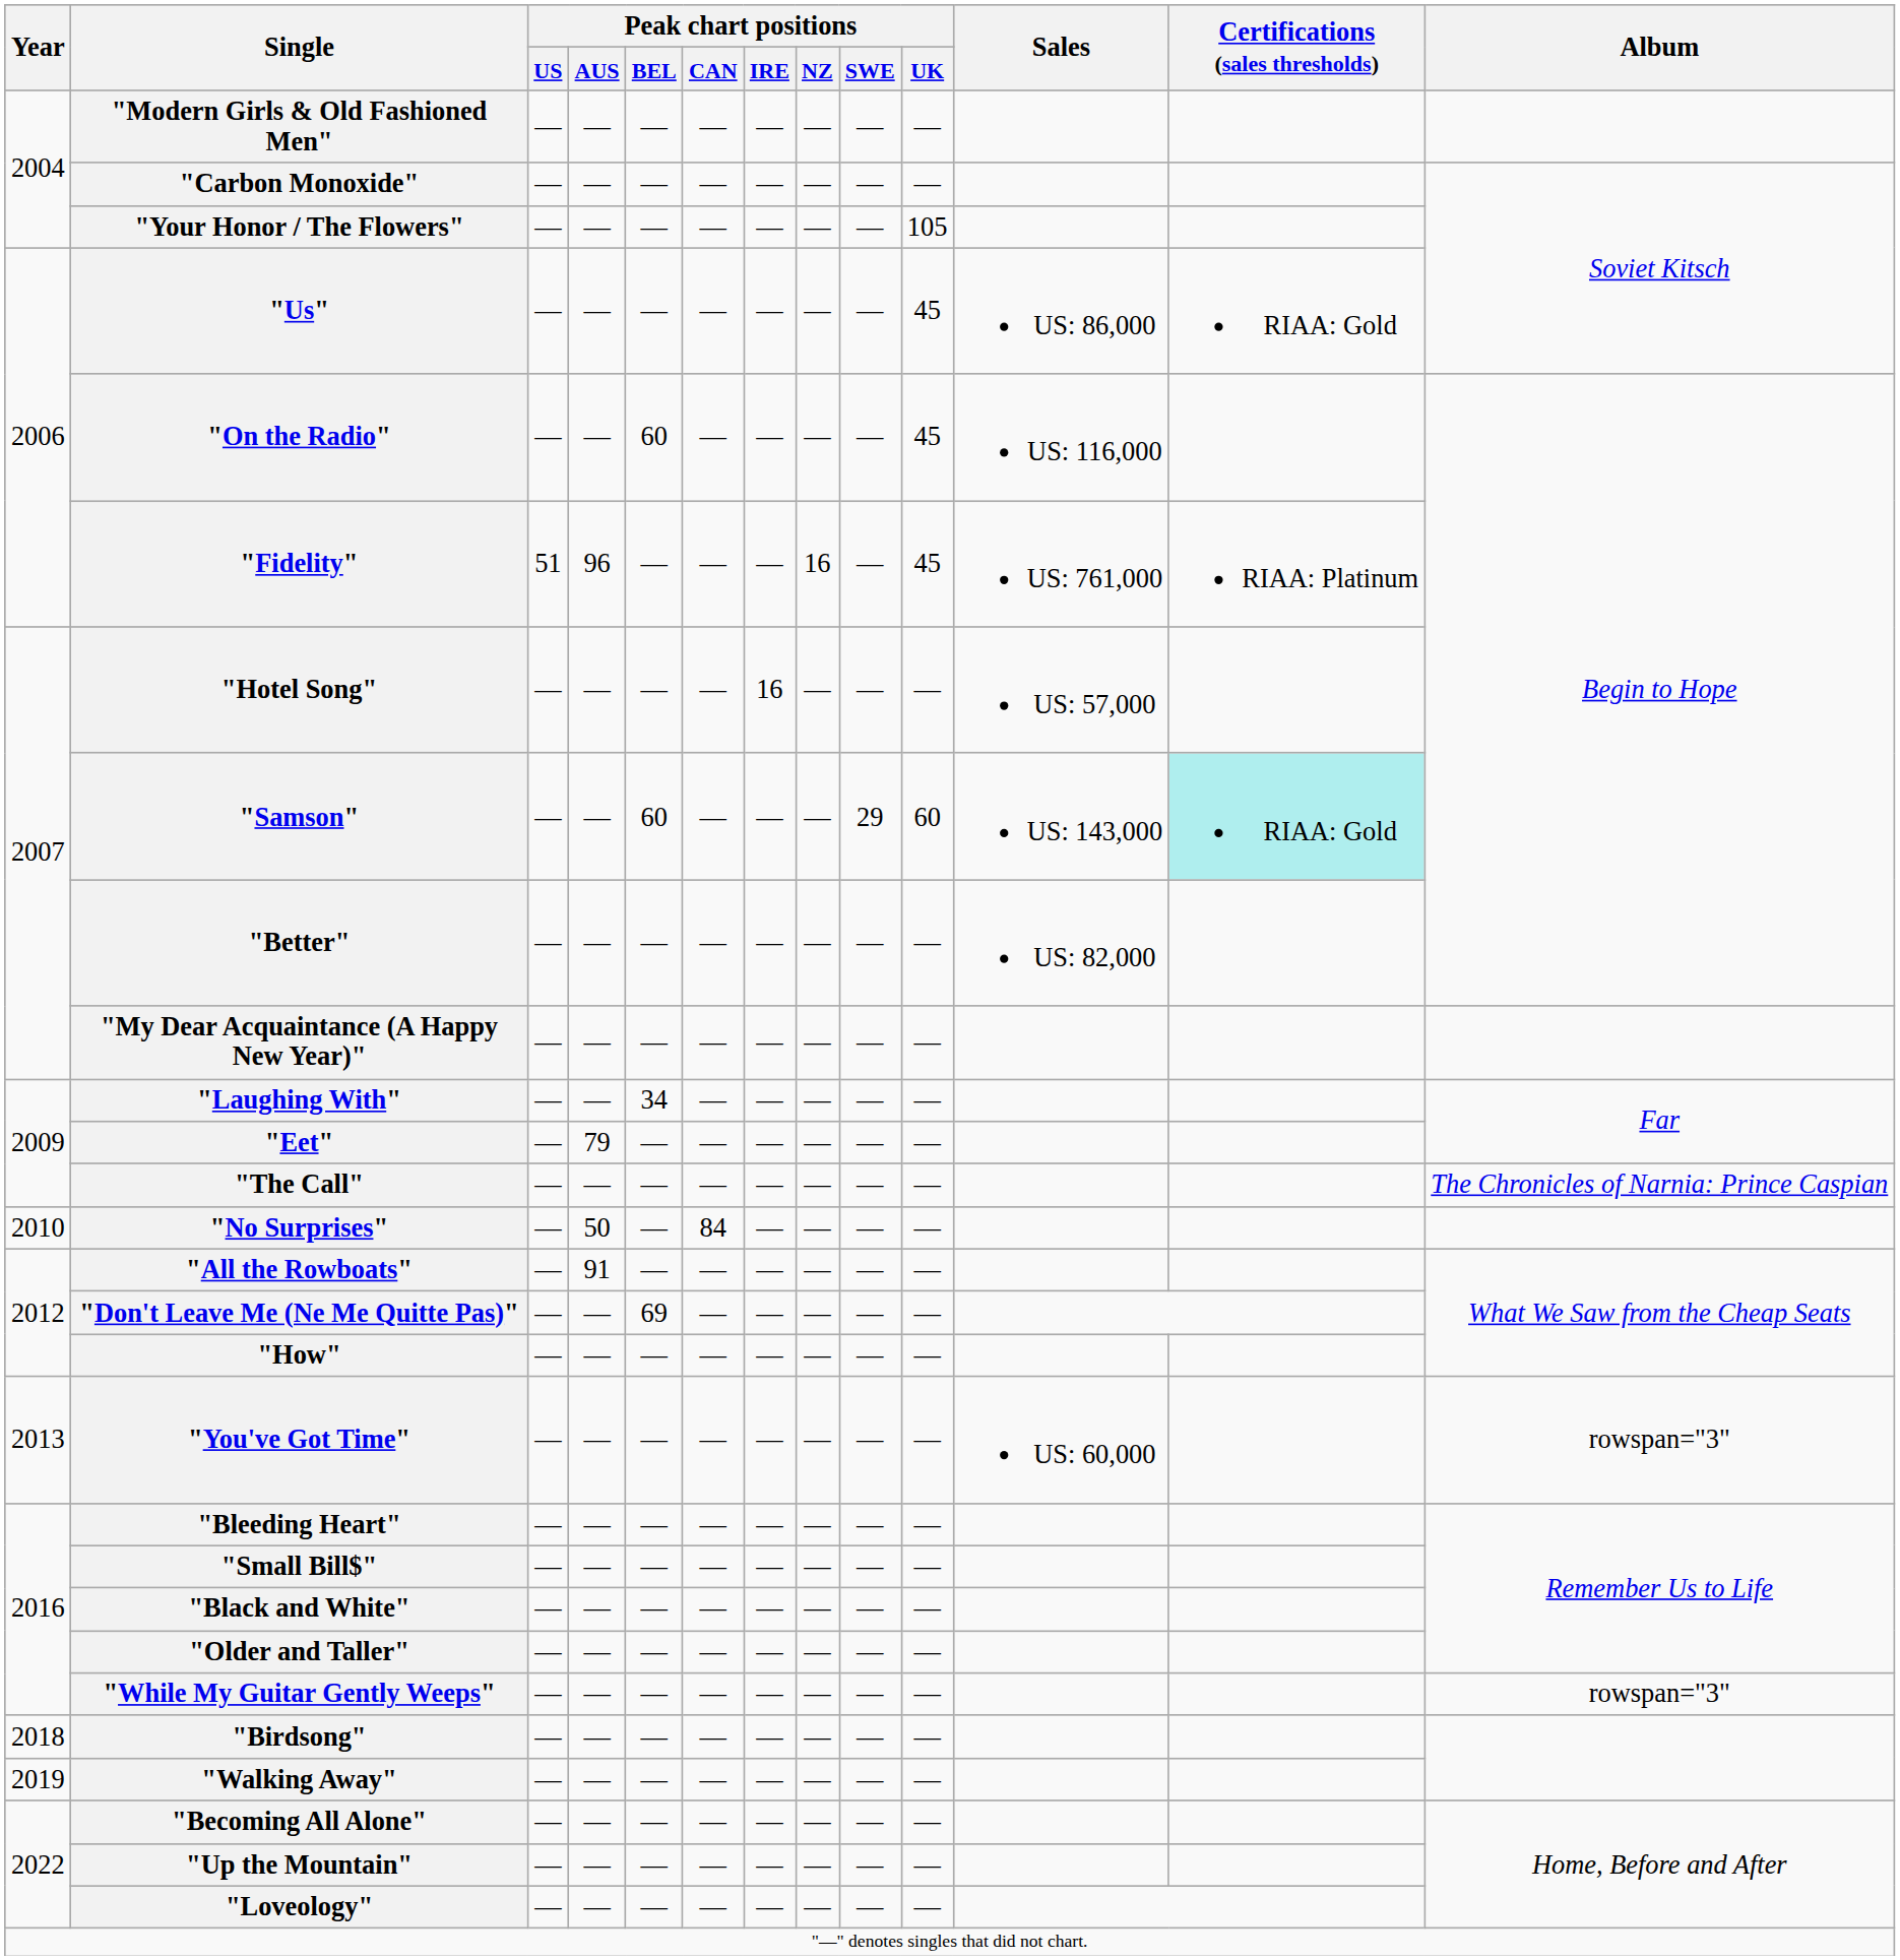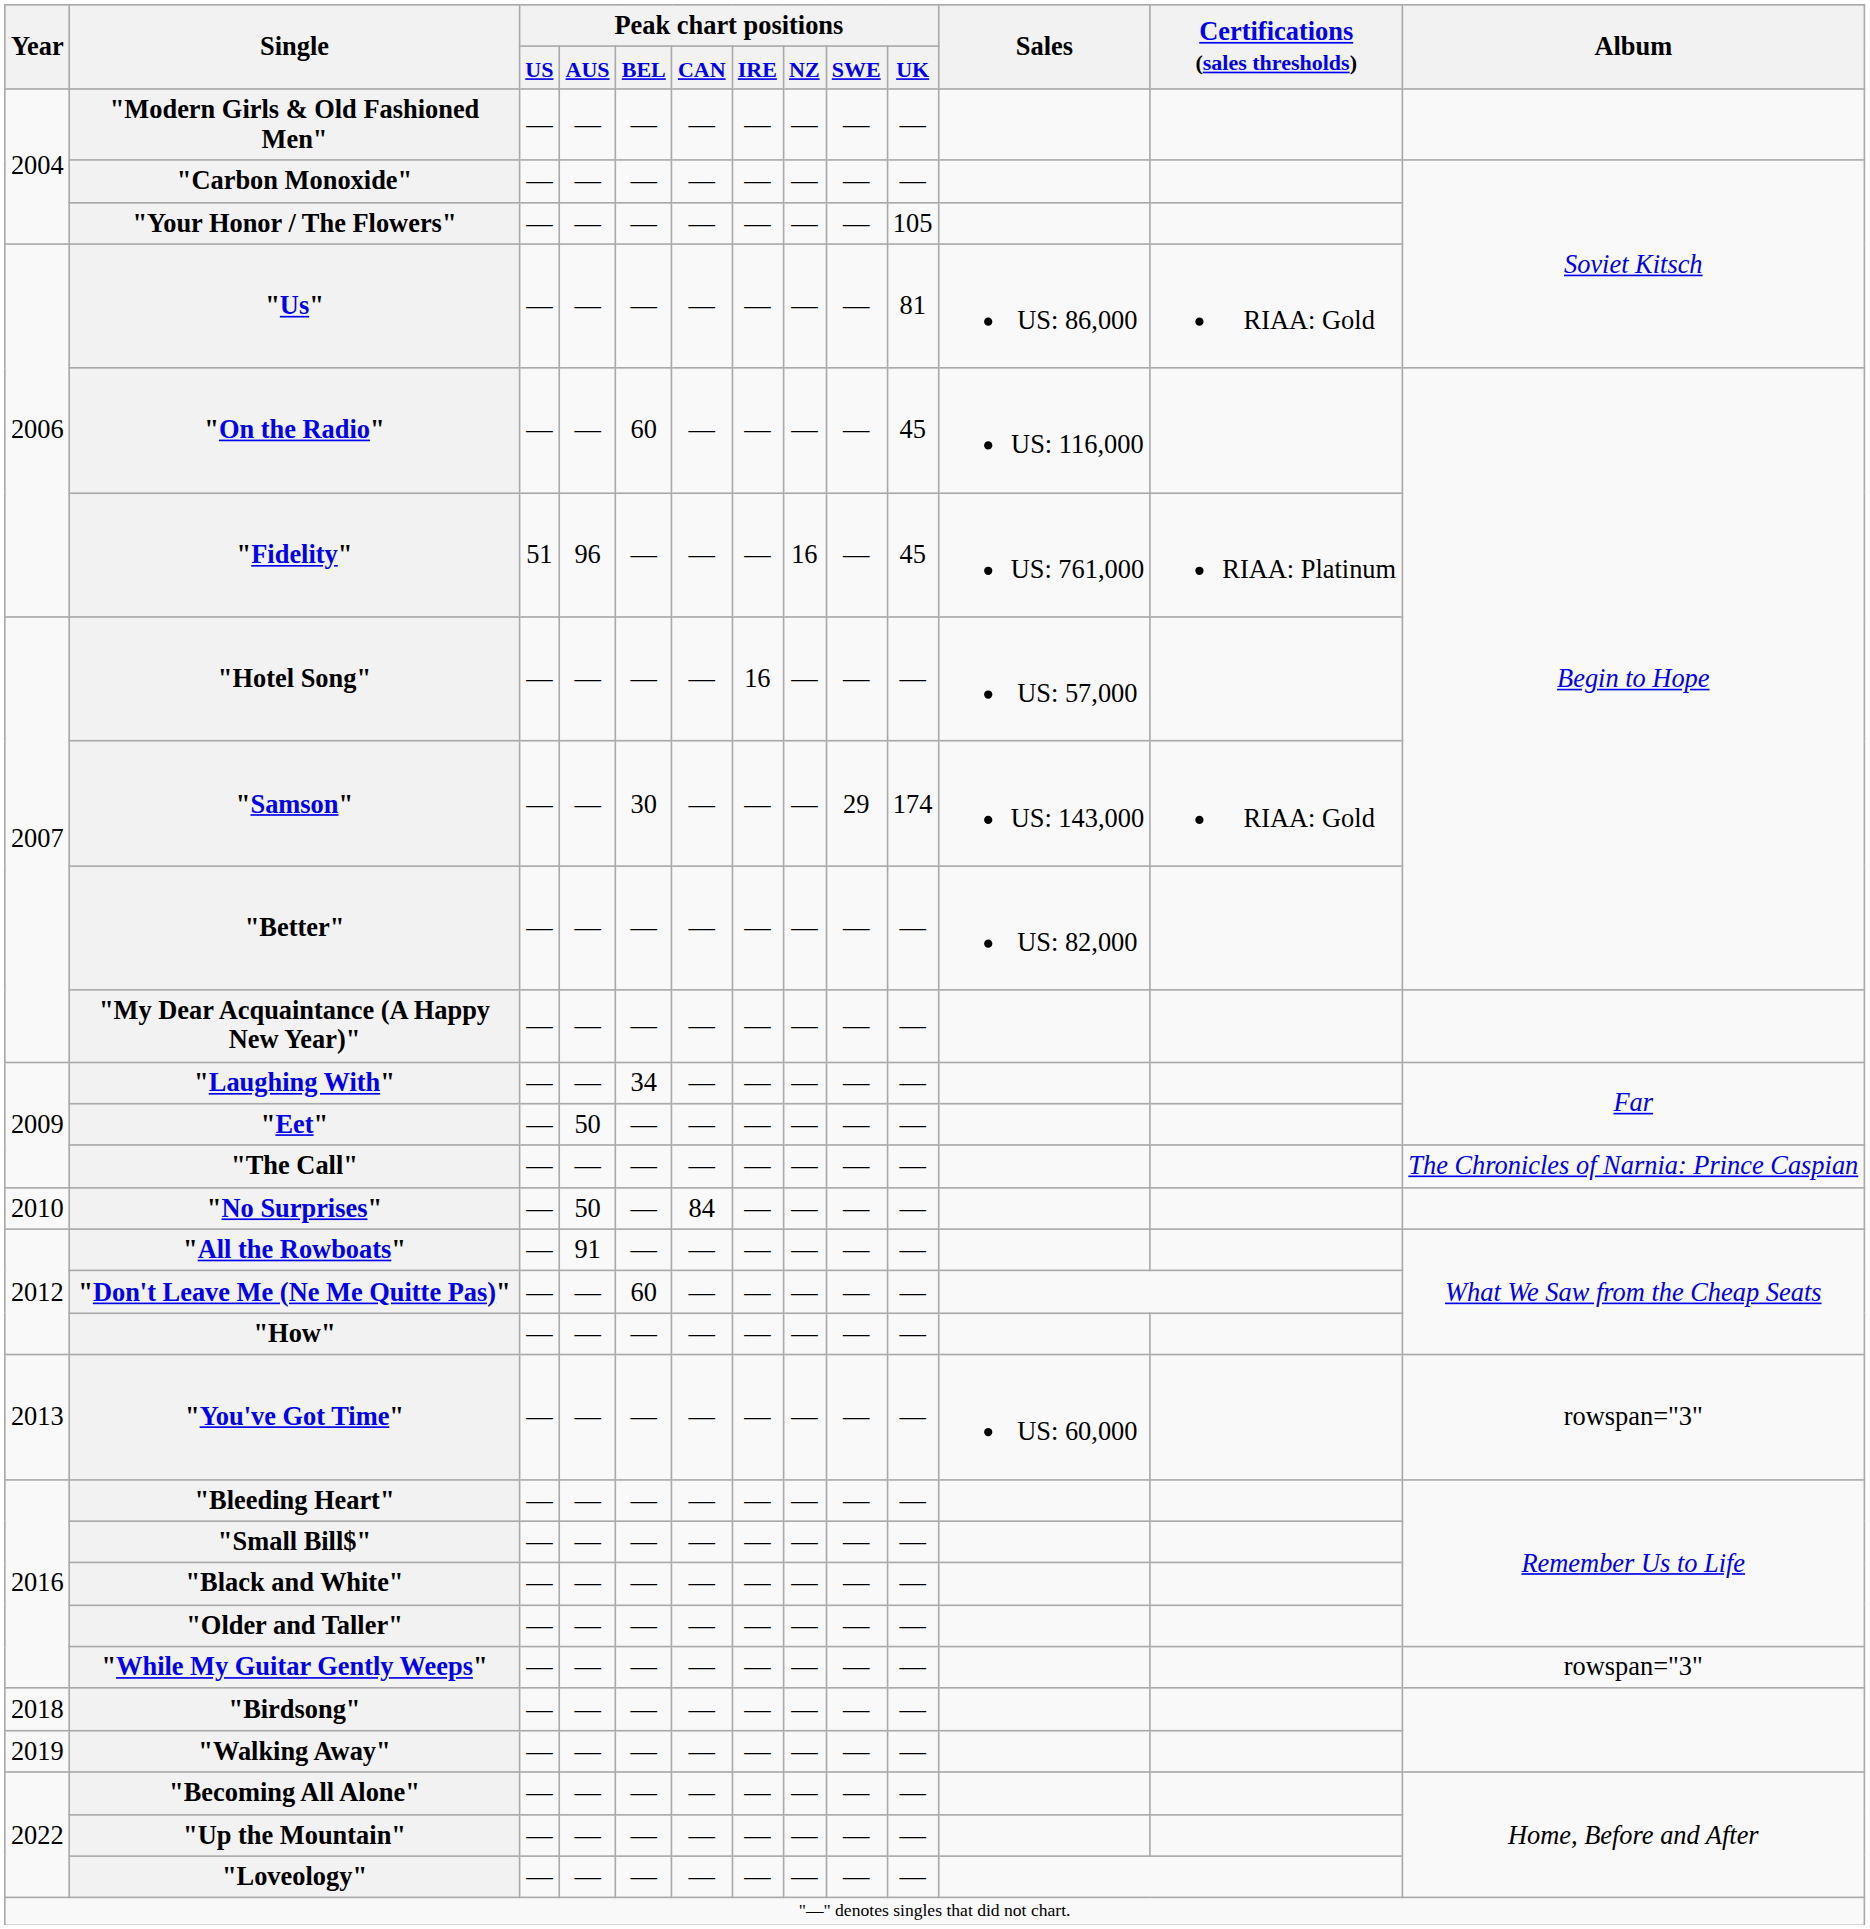 <table class="wikitable plainrowheaders" style="text-align:center">
 <tr>
 <th rowspan=2>Year</th>
 <th rowspan="2" style="width:265px;">Single</th>
 <th colspan=8>Peak chart positions</th>
 <th rowspan=2>Sales</th>
 <th rowspan="2"><a href='#'>Certifications</a><br><small>(<a href='#'>sales thresholds</a>)</small></th>
 <th rowspan="2">Album</th>
 </tr>
 <tr>
 <th style="width:1em"><small><a href='#'>US</a></small><br></th>
 <th style="width:1em"><small><a href='#'>AUS</a></small><br></th>
 <th style="width:1em"><small><a href='#'>BEL</a></small><br></th>
 <th style="width:1em"><small><a href='#'>CAN</a></small><br></th>
 <th style="width:1em"><small><a href='#'>IRE</a></small><br></th>
 <th style="width:1em"><small><a href='#'>NZ</a></small><br></th>
 <th style="width:1em"><small><a href='#'>SWE</a></small><br></th>
 <th style="width:1em"><small><a href='#'>UK</a></small><br></th>
 </tr>
 <tr>
 <td rowspan="3">2004</td>
 <th scope="row">"Modern Girls & Old Fashioned Men"<br></th>
 <td>—</td>
 <td>—</td>
 <td>—</td>
 <td>—</td>
 <td>—</td>
 <td>—</td>
 <td>—</td>
 <td>—</td>
 <td></td>
 <td></td>
 <td></td>
 </tr>
 <tr>
 <th scope="row">"Carbon Monoxide"</th>
 <td>—</td>
 <td>—</td>
 <td>—</td>
 <td>—</td>
 <td>—</td>
 <td>—</td>
 <td>—</td>
 <td>—</td>
 <td></td>
 <td></td>
 <td rowspan="3"><em><a href='#'>Soviet Kitsch</a></em></td>
 </tr>
 <tr>
 <th scope="row">"Your Honor / The Flowers"</th>
 <td>—</td>
 <td>—</td>
 <td>—</td>
 <td>—</td>
 <td>—</td>
 <td>—</td>
 <td>—</td>
 <td>105</td>
 <td></td>
 <td></td>
 </tr>
 <tr>
 <td rowspan="3">2006</td>
 <th scope="row">"<a href='#'>Us</a>"</th>
 <td>—</td>
 <td>—</td>
 <td>—</td>
 <td>—</td>
 <td>—</td>
 <td>—</td>
 <td>—</td>
-<td>45</td>
+<td>81</td>
 <td><br><ul><li>US: 86,000</li></ul></td>
 <td><br><ul><li>RIAA: Gold</li></ul></td>
 </tr>
 <tr>
 <th scope="row">"<a href='#'>On the Radio</a>"</th>
 <td>—</td>
 <td>—</td>
 <td>60</td>
 <td>—</td>
 <td>—</td>
 <td>—</td>
 <td>—</td>
 <td>45</td>
 <td><br><ul><li>US: 116,000</li></ul></td>
 <td></td>
 <td rowspan="5" style="text-align:center;"><em><a href='#'>Begin to Hope</a></em></td>
 </tr>
 <tr>
 <th scope="row">"<a href='#'>Fidelity</a>"</th>
 <td>51</td>
 <td>96</td>
 <td>—</td>
 <td>—</td>
 <td>—</td>
 <td>16</td>
 <td>—</td>
 <td>45</td>
 <td><br><ul><li>US: 761,000</li></ul></td>
 <td><br><ul><li>RIAA: Platinum</li></ul></td>
 </tr>
 <tr>
 <td rowspan="4">2007</td>
 <th scope="row">"Hotel Song"</th>
 <td>—</td>
 <td>—</td>
 <td>—</td>
 <td>—</td>
 <td>16</td>
 <td>—</td>
 <td>—</td>
 <td>—</td>
 <td><br><ul><li>US: 57,000</li></ul></td>
 <td></td>
 </tr>
 <tr>
 <th scope="row">"<a href='#'>Samson</a>"</th>
 <td>—</td>
 <td>—</td>
-<td>60</td>
+<td>30</td>
 <td>—</td>
 <td>—</td>
 <td>—</td>
 <td>29</td>
-<td>60</td>
+<td>174</td>
 <td><br><ul><li>US: 143,000</li></ul></td>
-<td style="background: paleturquoise;"><br><ul><li>RIAA: Gold</li></ul></td>
+<td><br><ul><li>RIAA: Gold</li></ul></td>
 </tr>
 <tr>
 <th scope="row">"Better"</th>
 <td>—</td>
 <td>—</td>
 <td>—</td>
 <td>—</td>
 <td>—</td>
 <td>—</td>
 <td>—</td>
 <td>—</td>
 <td><br><ul><li>US: 82,000</li></ul></td>
 <td></td>
 </tr>
 <tr>
 <th scope="row">"My Dear Acquaintance (A Happy New Year)"</th>
 <td>—</td>
 <td>—</td>
 <td>—</td>
 <td>—</td>
 <td>—</td>
 <td>—</td>
 <td>—</td>
 <td>—</td>
 <td></td>
 <td></td>
 <td></td>
 </tr>
 <tr>
 <td rowspan="3">2009</td>
 <th scope="row">"<a href='#'>Laughing With</a>"</th>
 <td>—</td>
 <td>—</td>
 <td>34</td>
 <td>—</td>
 <td>—</td>
 <td>—</td>
 <td>—</td>
 <td>—</td>
 <td></td>
 <td></td>
 <td rowspan="2"><em><a href='#'>Far</a></em></td>
 </tr>
 <tr>
 <th scope="row">"<a href='#'>Eet</a>"</th>
 <td>—</td>
-<td>79</td>
+<td>50</td>
 <td>—</td>
 <td>—</td>
 <td>—</td>
 <td>—</td>
 <td>—</td>
 <td>—</td>
 <td></td>
 <td></td>
 </tr>
 <tr>
 <th scope="row">"The Call"</th>
 <td>—</td>
 <td>—</td>
 <td>—</td>
 <td>—</td>
 <td>—</td>
 <td>—</td>
 <td>—</td>
 <td>—</td>
 <td></td>
 <td></td>
 <td><em><a href='#'>The Chronicles of Narnia: Prince Caspian</a></em></td>
 </tr>
 <tr>
 <td>2010</td>
 <th scope="row">"<a href='#'>No Surprises</a>"</th>
 <td>—</td>
 <td>50</td>
 <td>—</td>
 <td>84</td>
 <td>—</td>
 <td>—</td>
 <td>—</td>
 <td>—</td>
 <td></td>
 <td></td>
 <td></td>
 </tr>
 <tr>
 <td rowspan="3">2012</td>
 <th scope="row">"<a href='#'>All the Rowboats</a>"</th>
 <td>—</td>
 <td>91</td>
 <td>—</td>
 <td>—</td>
 <td>—</td>
 <td>—</td>
 <td>—</td>
 <td>—</td>
 <td></td>
 <td></td>
 <td rowspan="3"><em><a href='#'>What We Saw from the Cheap Seats</a></em></td>
 </tr>
 <tr>
 <th scope="row">"<a href='#'>Don't Leave Me (Ne Me Quitte Pas)</a>"</th>
 <td>—</td>
 <td>—</td>
-<td>69</td>
+<td>60</td>
 <td>—</td>
 <td>—</td>
 <td>—</td>
 <td>—</td>
 <td>—</td>
 </tr>
 <tr>
 <th scope="row">"How"</th>
 <td>—</td>
 <td>—</td>
 <td>—</td>
 <td>—</td>
 <td>—</td>
 <td>—</td>
 <td>—</td>
 <td>—</td>
 <td></td>
 <td></td>
 </tr>
 <tr>
 <td>2013</td>
 <th scope="row">"<a href='#'>You've Got Time</a>"</th>
 <td>—</td>
 <td>—</td>
 <td>—</td>
 <td>—</td>
 <td>—</td>
 <td>—</td>
 <td>—</td>
 <td>—</td>
 <td><br><ul><li>US: 60,000</li></ul></td>
 <td></td>
 <td>rowspan="3" </td>
 </tr>
 <tr>
 <td rowspan="5">2016</td>
 <th scope="row">"Bleeding Heart"</th>
 <td>—</td>
 <td>—</td>
 <td>—</td>
 <td>—</td>
 <td>—</td>
 <td>—</td>
 <td>—</td>
 <td>—</td>
 <td></td>
 <td></td>
 <td rowspan="4"><em><a href='#'>Remember Us to Life</a></em></td>
 </tr>
 <tr>
 <th scope="row">"Small Bill$"</th>
 <td>—</td>
 <td>—</td>
 <td>—</td>
 <td>—</td>
 <td>—</td>
 <td>—</td>
 <td>—</td>
 <td>—</td>
 <td></td>
 <td></td>
 </tr>
 <tr>
 <th scope="row">"Black and White"</th>
 <td>—</td>
 <td>—</td>
 <td>—</td>
 <td>—</td>
 <td>—</td>
 <td>—</td>
 <td>—</td>
 <td>—</td>
 <td></td>
 <td></td>
 </tr>
 <tr>
 <th scope="row">"Older and Taller"</th>
 <td>—</td>
 <td>—</td>
 <td>—</td>
 <td>—</td>
 <td>—</td>
 <td>—</td>
 <td>—</td>
 <td>—</td>
 <td></td>
 <td></td>
 </tr>
 <tr>
 <th scope="row">"<a href='#'>While My Guitar Gently Weeps</a>"</th>
 <td>—</td>
 <td>—</td>
 <td>—</td>
 <td>—</td>
 <td>—</td>
 <td>—</td>
 <td>—</td>
 <td>—</td>
 <td></td>
 <td></td>
 <td>rowspan="3" </td>
 </tr>
 <tr>
 <td>2018</td>
 <th scope="row">"Birdsong"</th>
 <td>—</td>
 <td>—</td>
 <td>—</td>
 <td>—</td>
 <td>—</td>
 <td>—</td>
 <td>—</td>
 <td>—</td>
 <td></td>
 <td></td>
 </tr>
 <tr>
 <td>2019</td>
 <th scope="row">"Walking Away"<br></th>
 <td>—</td>
 <td>—</td>
 <td>—</td>
 <td>—</td>
 <td>—</td>
 <td>—</td>
 <td>—</td>
 <td>—</td>
 <td></td>
 <td></td>
 </tr>
 <tr>
 <td rowspan="3">2022</td>
 <th scope="row">"Becoming All Alone"</th>
 <td>—</td>
 <td>—</td>
 <td>—</td>
 <td>—</td>
 <td>—</td>
 <td>—</td>
 <td>—</td>
 <td>—</td>
 <td></td>
 <td></td>
 <td rowspan="3"><em>Home, Before and After</em></td>
 </tr>
 <tr>
 <th scope="row">"Up the Mountain"</th>
 <td>—</td>
 <td>—</td>
 <td>—</td>
 <td>—</td>
 <td>—</td>
 <td>—</td>
 <td>—</td>
 <td>—</td>
 <td></td>
 <td></td>
 </tr>
 <tr>
 <th scope="row">"Loveology"</th>
 <td>—</td>
 <td>—</td>
 <td>—</td>
 <td>—</td>
 <td>—</td>
 <td>—</td>
 <td>—</td>
 <td>—</td>
 </tr>
 <tr>
 <td colspan="13" style="text-align:center; font-size:8pt;">"—" denotes singles that did not chart.<br></td>
 </tr>
 </table>
